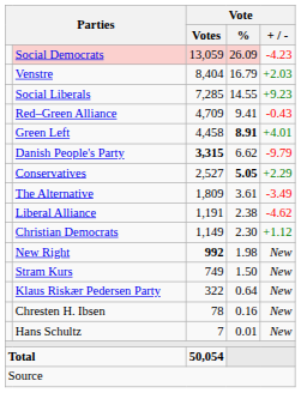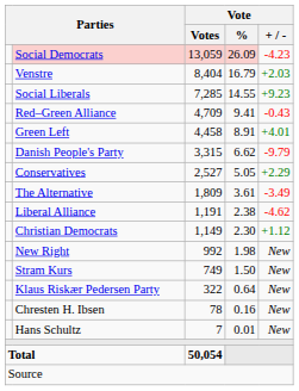 <table class="wikitable" style="text-align:right;">
 <tr>
 <th style="text-align:centre;" rowspan="2" colspan="2" width="225">Parties</th>
 <th colspan="3">Vote</th>
 </tr>
 <tr>
 <th width="15">Votes</th>
 <th width="15">%</th>
 <th width="15">+ / -</th>
 </tr>
 <tr>
 <td width="2" style="color:inherit;background:"></td>
 <td bgcolor=#fbd0ce  align="left"><a href='#'>Social Democrats</a></td>
 <td bgcolor=#fbd0ce>13,059</td>
 <td bgcolor=#fbd0ce>26.09</td>
 <td style=color:red;>-4.23</td>
 </tr>
 <tr>
 <td width="2" style="color:inherit;background:"></td>
 <td align="left"><a href='#'>Venstre</a></td>
 <td>8,404</td>
 <td>16.79</td>
 <td style=color:green;>+2.03</td>
 </tr>
 <tr>
 <td width="2" style="color:inherit;background:"></td>
 <td align="left"><a href='#'>Social Liberals</a></td>
 <td>7,285</td>
 <td>14.55</td>
 <td style=color:green;>+9.23</td>
 </tr>
 <tr>
 <td width="2" style="color:inherit;background:"></td>
 <td align="left"><a href='#'>Red–Green Alliance</a></td>
 <td>4,709</td>
 <td>9.41</td>
 <td style=color:red;>-0.43</td>
 </tr>
 <tr>
 <td width="2" style="color:inherit;background:"></td>
 <td align="left"><a href='#'>Green Left</a></td>
 <td>4,458</td>
-<td><strong>8.91</strong></td>
+<td>8.91</td>
 <td style=color:green;>+4.01</td>
 </tr>
 <tr>
 <td width="2" style="color:inherit;background:"></td>
 <td align="left"><a href='#'>Danish People's Party</a></td>
-<td><strong>3,315</strong></td>
+<td>3,315</td>
 <td>6.62</td>
 <td style=color:red;>-9.79</td>
 </tr>
 <tr>
 <td width="2" style="color:inherit;background:"></td>
 <td align="left"><a href='#'>Conservatives</a></td>
 <td>2,527</td>
-<td><strong>5.05</strong></td>
+<td>5.05</td>
 <td style=color:green;>+2.29</td>
 </tr>
 <tr>
 <td width="2" style="color:inherit;background:"></td>
 <td align="left"><a href='#'>The Alternative</a></td>
 <td>1,809</td>
 <td>3.61</td>
 <td style=color:red;>-3.49</td>
 </tr>
 <tr>
 <td width="2" style="color:inherit;background:"></td>
 <td align="left"><a href='#'>Liberal Alliance</a></td>
 <td>1,191</td>
 <td>2.38</td>
 <td style=color:red;>-4.62</td>
 </tr>
 <tr>
 <td width="2" style="color:inherit;background:"></td>
 <td align="left"><a href='#'>Christian Democrats</a></td>
 <td>1,149</td>
 <td>2.30</td>
 <td style=color:green;>+1.12</td>
 </tr>
 <tr>
 <td width="2" style="color:inherit;background:"></td>
 <td align="left"><a href='#'>New Right</a></td>
-<td><strong>992</strong></td>
+<td>992</td>
 <td>1.98</td>
 <td><em>New</em></td>
 </tr>
 <tr>
 <td width="2" style="color:inherit;background:"></td>
 <td align="left"><a href='#'>Stram Kurs</a></td>
 <td>749</td>
 <td>1.50</td>
 <td><em>New</em></td>
 </tr>
 <tr>
 <td width="2" style="color:inherit;background:"></td>
 <td align="left"><a href='#'>Klaus Riskær Pedersen Party</a></td>
 <td>322</td>
 <td>0.64</td>
 <td><em>New</em></td>
 </tr>
 <tr>
 <td width="2" style="color:inherit;background:"></td>
 <td align="left">Chresten H. Ibsen</td>
 <td>78</td>
 <td>0.16</td>
 <td><em>New</em></td>
 </tr>
 <tr>
 <td width="2" style="color:inherit;background:"></td>
 <td align="left">Hans Schultz</td>
 <td>7</td>
 <td>0.01</td>
 <td><em>New</em></td>
 </tr>
 <tr>
 <td colspan="7" bgcolor="#E9E9E9"></td>
 </tr>
 <tr>
 <td align="left" colspan="2"><strong>Total</strong></td>
 <td><strong>50,054</strong></td>
 <td bgcolor="#E9E9E9" colspan="2"></td>
 </tr>
 <tr>
 <td align="left" colspan="6">Source</td>
 </tr>
 </table>
